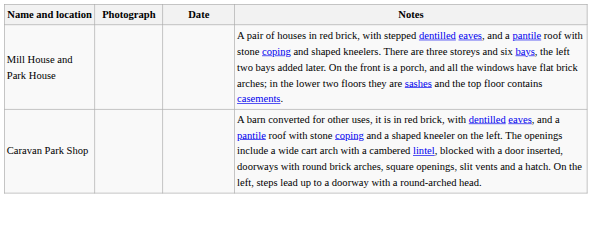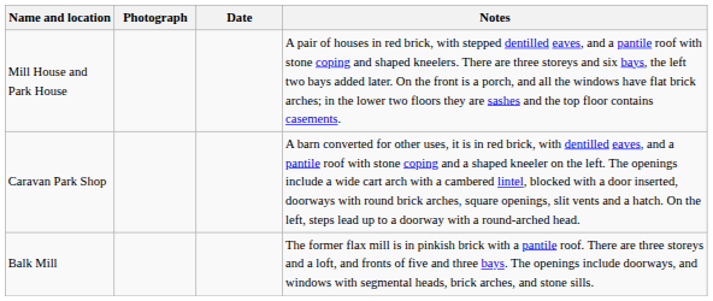 <table class="wikitable sortable plainrowheaders" style="width:100%;border:0px;text-align:left;line-height:150%;">
 <tr>
 <th scope="col"  style="width:150px">Name and location</th>
 <th scope="col"  style="width:100px" class="unsortable">Photograph</th>
 <th scope="col"  style="width:120px">Date</th>
 <th scope="col"  style="width:650px" class="unsortable">Notes</th>
 </tr>
 <tr>
 <td>Mill House and Park House<br><small></small></td>
 <td></td>
 <td align="center"></td>
 <td>A pair of houses in red brick, with stepped <a href='#'>dentilled</a> <a href='#'>eaves</a>, and a <a href='#'>pantile</a> roof with stone <a href='#'>coping</a> and shaped kneelers.  There are three storeys and six <a href='#'>bays</a>, the left two bays added later.  On the front is a porch, and all the windows have flat brick arches; in the lower two floors they are <a href='#'>sashes</a> and the top floor contains <a href='#'>casements</a>.</td>
 </tr>
 <tr>
 <td>Caravan Park Shop<br><small></small></td>
 <td></td>
 <td align="center"></td>
 <td>A barn converted for other uses, it is in red brick, with <a href='#'>dentilled</a> <a href='#'>eaves</a>, and a <a href='#'>pantile</a> roof with stone <a href='#'>coping</a> and a shaped kneeler on the left.  The openings include a wide cart arch with a cambered <a href='#'>lintel</a>, blocked with a door inserted, doorways with round brick arches, square openings, slit vents and a hatch.  On the left, steps lead up to a doorway with a round-arched head.</td>
 </tr>
 <tr>
+<td>Balk Mill<br><small></small></td>
+<td></td>
+<td align="center"></td>
+<td>The former flax mill is in pinkish brick with a <a href='#'>pantile</a> roof.  There are three storeys and a loft, and fronts of five and three <a href='#'>bays</a>.  The openings include doorways, and windows with segmental heads, brick arches, and stone sills.</td>
+</tr>
+<tr>
 </tr>
 </table>
